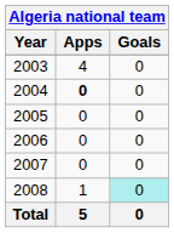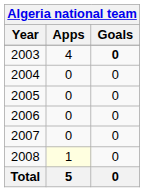 <table class="wikitable" style="text-align:center">
 <tr>
 <th colspan=3><a href='#'>Algeria national team</a></th>
 </tr>
 <tr>
 <th>Year</th>
 <th>Apps</th>
 <th>Goals</th>
 </tr>
 <tr>
 </tr>
 <tr>
 <td>2003</td>
 <td>4</td>
-<td>0</td>
+<td><strong>0</strong></td>
 </tr>
 <tr>
 <td>2004</td>
-<td><strong>0</strong></td>
+<td>0</td>
 <td>0</td>
 </tr>
 <tr>
 <td>2005</td>
 <td>0</td>
 <td>0</td>
 </tr>
 <tr>
 <td>2006</td>
 <td>0</td>
 <td>0</td>
 </tr>
 <tr>
 <td>2007</td>
 <td>0</td>
 <td>0</td>
 </tr>
 <tr>
 <td>2008</td>
-<td>1</td>
-<td style="background: paleturquoise;">0</td>
+<td style="background: lightyellow;">1</td>
+<td>0</td>
 </tr>
 <tr>
 <th>Total</th>
 <th>5</th>
 <th>0</th>
 </tr>
 </table>
